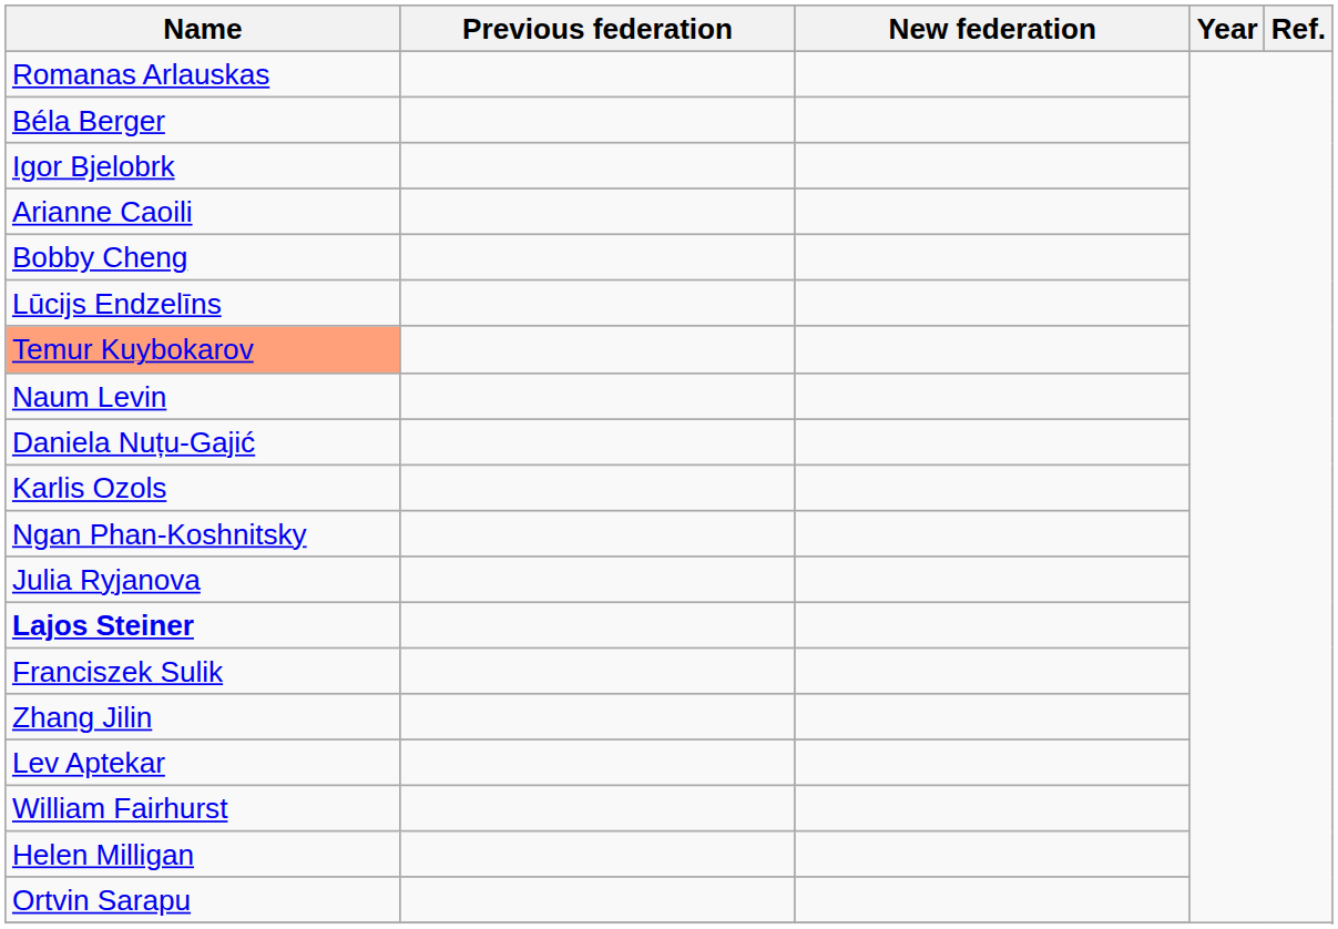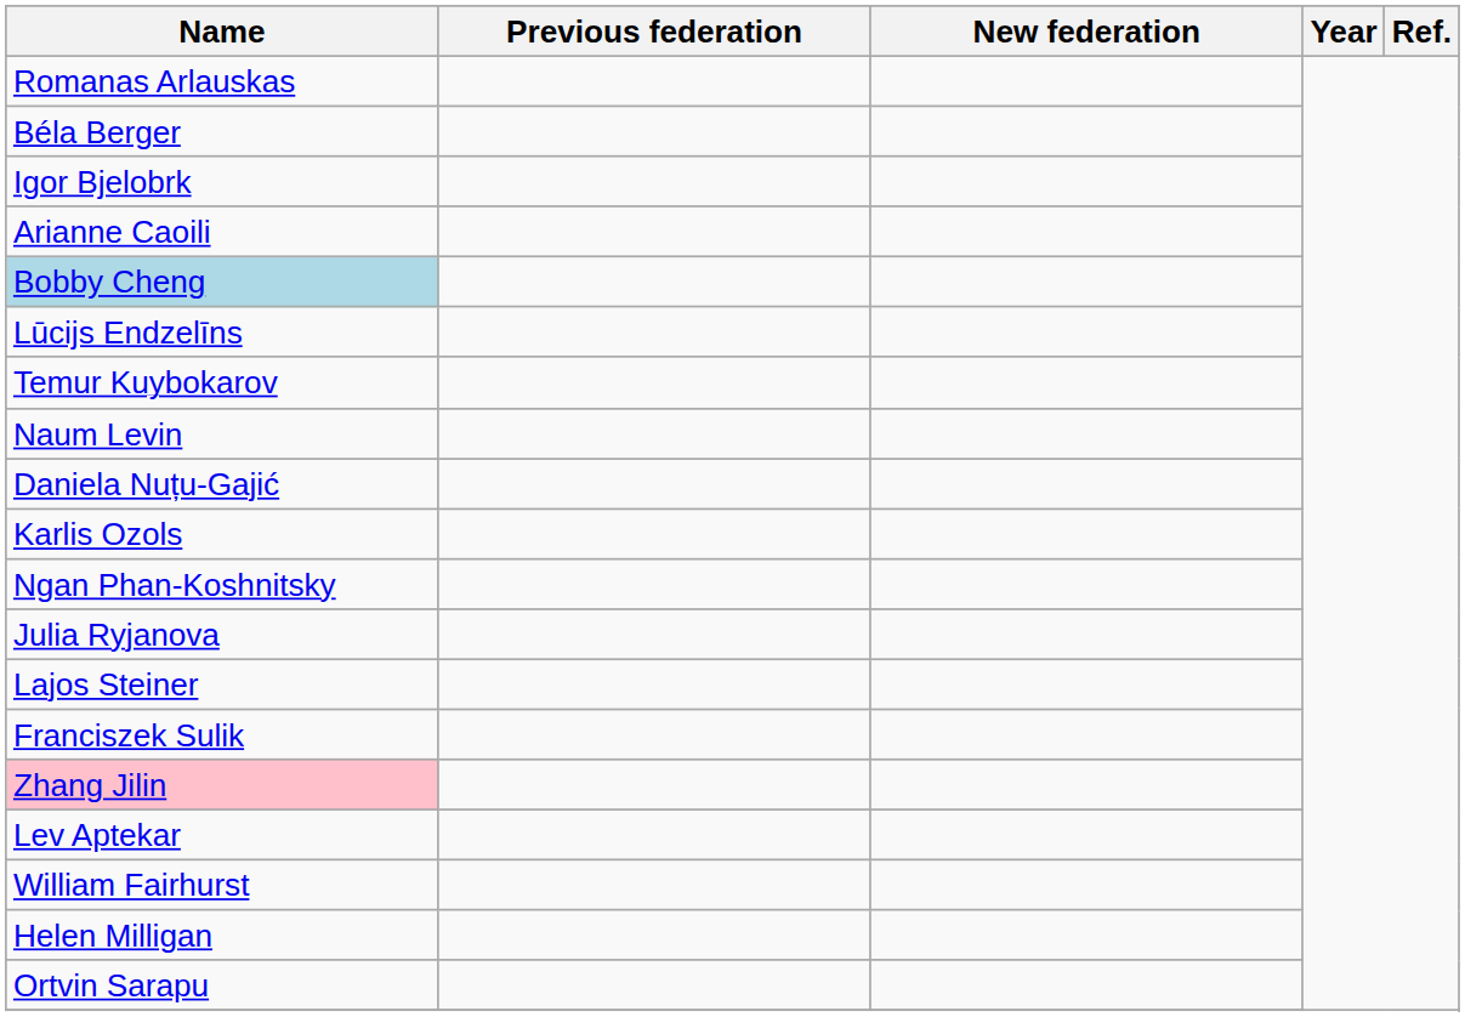 <table class="wikitable sortable" style="border-collapse: collapse; font-size: 95%;">
 <tr>
 <th width=200>Name</th>
 <th width=200>Previous federation</th>
 <th width=200>New federation</th>
 <th>Year</th>
 <th>Ref.</th>
 </tr>
 <tr>
 <td><a href='#'>Romanas Arlauskas</a></td>
 <td></td>
 <td></td>
 </tr>
 <tr>
 <td><a href='#'>Béla Berger</a></td>
 <td></td>
 <td></td>
 </tr>
 <tr>
 <td><a href='#'>Igor Bjelobrk</a></td>
 <td></td>
 <td></td>
 </tr>
 <tr>
 <td><a href='#'>Arianne Caoili</a></td>
 <td></td>
 <td></td>
 </tr>
 <tr>
-<td><a href='#'>Bobby Cheng</a></td>
+<td style="background: lightblue;"><a href='#'>Bobby Cheng</a></td>
 <td></td>
 <td></td>
 </tr>
 <tr>
 <td><a href='#'>Lūcijs Endzelīns</a></td>
 <td></td>
 <td></td>
 </tr>
 <tr>
-<td style="background: lightsalmon;"><a href='#'>Temur Kuybokarov</a></td>
+<td><a href='#'>Temur Kuybokarov</a></td>
 <td></td>
 <td></td>
 </tr>
 <tr>
 <td><a href='#'>Naum Levin</a></td>
 <td></td>
 <td></td>
 </tr>
 <tr>
 <td><a href='#'>Daniela Nuțu-Gajić</a></td>
 <td></td>
 <td></td>
 </tr>
 <tr>
 <td><a href='#'>Karlis Ozols</a></td>
 <td></td>
 <td></td>
 </tr>
 <tr>
 <td><a href='#'>Ngan Phan-Koshnitsky</a></td>
 <td></td>
 <td></td>
 </tr>
 <tr>
 <td><a href='#'>Julia Ryjanova</a></td>
 <td></td>
 <td></td>
 </tr>
 <tr>
-<td><strong><a href='#'>Lajos Steiner</a></strong></td>
+<td><a href='#'>Lajos Steiner</a></td>
 <td></td>
 <td></td>
 </tr>
 <tr>
 <td><a href='#'>Franciszek Sulik</a></td>
 <td></td>
 <td></td>
 </tr>
 <tr>
-<td><a href='#'>Zhang Jilin</a></td>
+<td style="background: pink;"><a href='#'>Zhang Jilin</a></td>
 <td></td>
 <td></td>
 </tr>
 <tr>
 <td><a href='#'>Lev Aptekar</a></td>
 <td></td>
 <td></td>
 </tr>
 <tr>
 <td><a href='#'>William Fairhurst</a></td>
 <td><br></td>
 <td></td>
 </tr>
 <tr>
 <td><a href='#'>Helen Milligan</a></td>
 <td></td>
 <td></td>
 </tr>
 <tr>
 <td><a href='#'>Ortvin Sarapu</a></td>
 <td></td>
 <td></td>
 </tr>
 <tr>
 </tr>
 </table>
